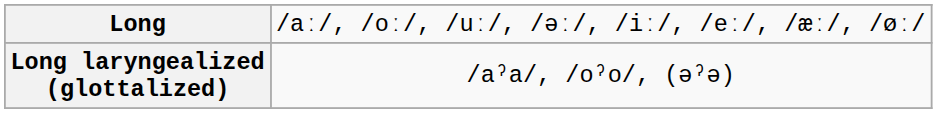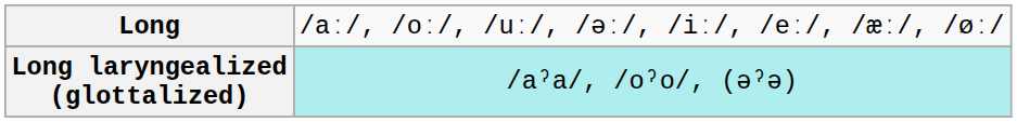 <table class="wikitable" style="text-align: center;" |>
 <tr>
 <th>Long</th>
 <td>/aː/, /oː/, /uː/, /əː/, /iː/, /eː/, /æː/, /øː/</td>
 </tr>
 <tr>
 <th>Long laryngealized<br>(glottalized)</th>
-<td>/aˀa/, /oˀo/, (əˀə)</td>
+<td style="background: paleturquoise;">/aˀa/, /oˀo/, (əˀə)</td>
 </tr>
 </table>
